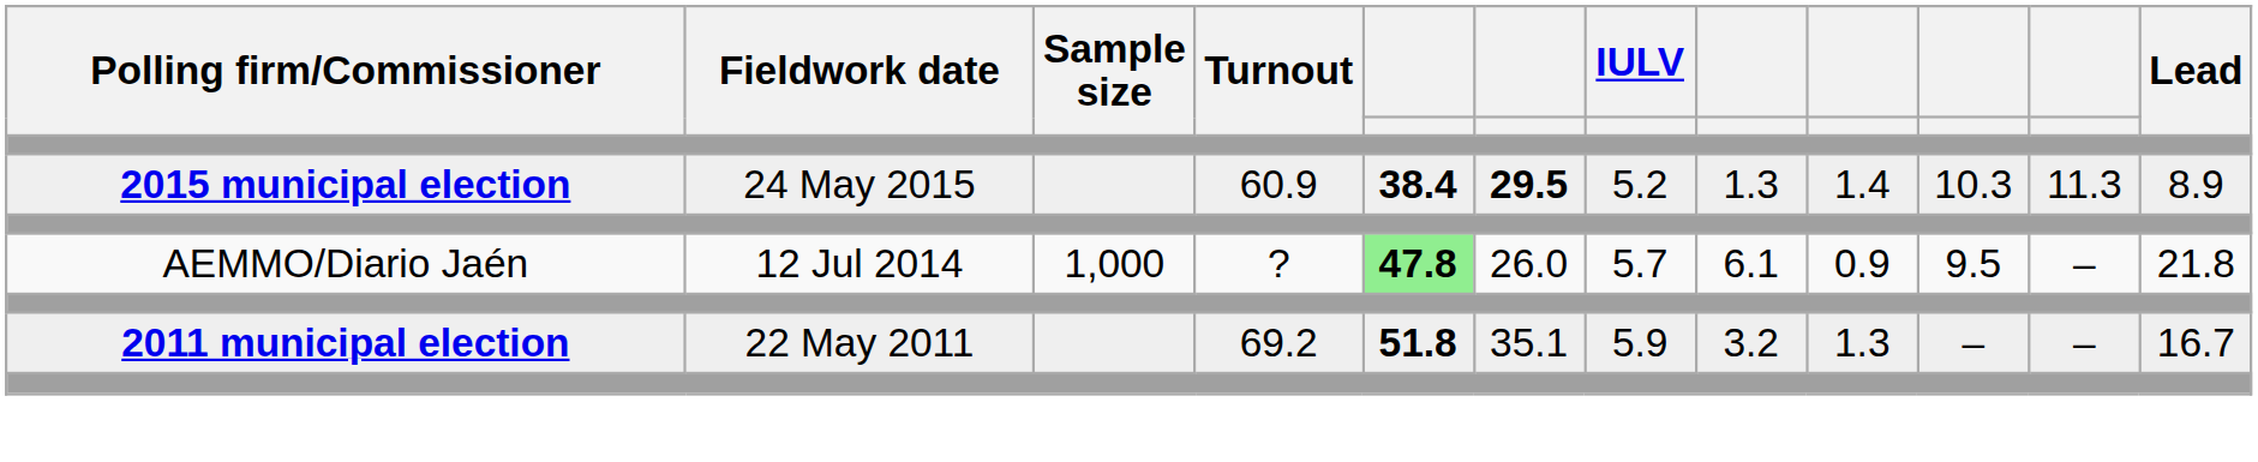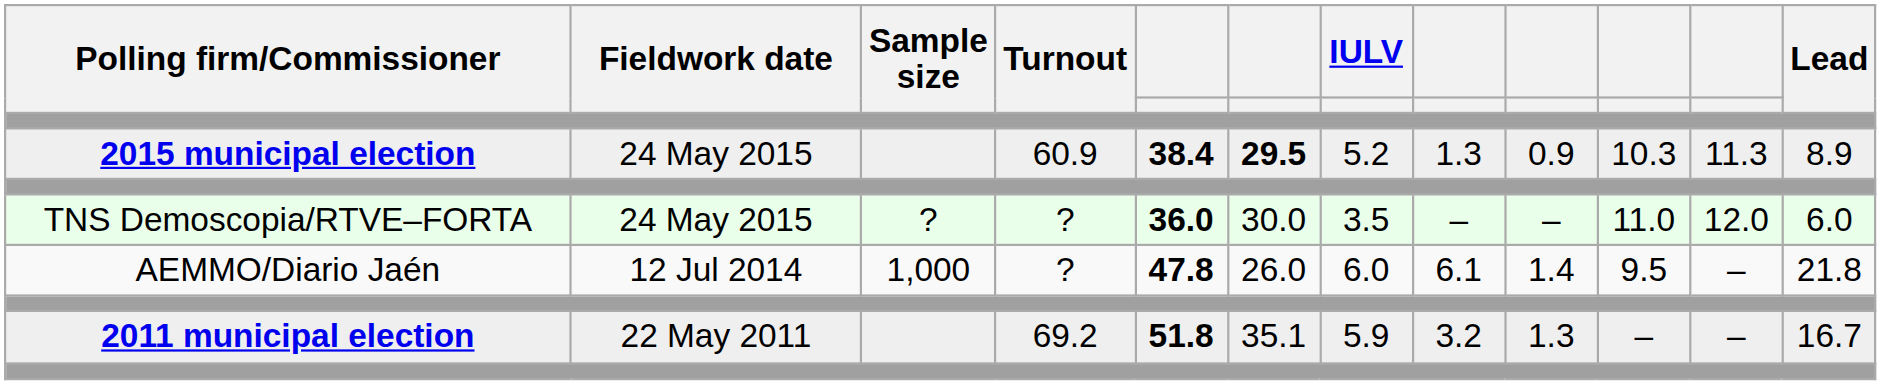 <table class="wikitable collapsible collapsed" style="text-align:center; font-size:95%; line-height:16px;">
 <tr style="height:42px;">
 <th style="width:250px;" rowspan="2">Polling firm/Commissioner</th>
 <th style="width:125px;" rowspan="2">Fieldwork date</th>
 <th style="width:50px;" rowspan="2">Sample size</th>
 <th style="width:45px;" rowspan="2">Turnout</th>
 <th style="width:35px;"></th>
 <th style="width:35px;"></th>
 <th style="width:35px;"><a href='#'>IULV</a></th>
 <th style="width:35px;"></th>
 <th style="width:35px;"></th>
 <th style="width:35px;"></th>
 <th style="width:35px;"></th>
 <th style="width:30px;" rowspan="2">Lead</th>
 </tr>
 <tr>
 <th style="color:inherit;background:"></th>
 <th style="color:inherit;background:"></th>
 <th style="color:inherit;background:"></th>
 <th style="color:inherit;background:"></th>
 <th style="color:inherit;background:"></th>
 <th style="color:inherit;background:"></th>
 <th style="color:inherit;background:"></th>
 </tr>
 <tr>
 <td colspan="12" style="background:#A0A0A0"></td>
 </tr>
 <tr style="background:#EFEFEF;">
 <td><strong><a href='#'>2015 municipal election</a></strong></td>
 <td>24 May 2015</td>
 <td></td>
 <td>60.9</td>
 <td><strong>38.4</strong><br></td>
 <td><strong>29.5<br></strong></td>
 <td>5.2<br></td>
 <td>1.3<br></td>
-<td>1.4<br></td>
+<td>0.9<br></td>
 <td>10.3<br></td>
 <td>11.3<br></td>
 <td style="background:">8.9</td>
 </tr>
 <tr>
 <td colspan="12" style="background:#A0A0A0"></td>
 </tr>
+<tr style="background:#EAFFEA;">
+<td>TNS Demoscopia/RTVE–FORTA</td>
+<td>24 May 2015</td>
+<td>?</td>
+<td>?</td>
+<td><strong>36.0</strong><br></td>
+<td>30.0<br></td>
+<td>3.5<br></td>
+<td>–</td>
+<td>–</td>
+<td>11.0<br></td>
+<td>12.0<br></td>
+<td style="background:">6.0</td>
+</tr>
 <tr>
 <td>AEMMO/Diario Jaén</td>
 <td>12 Jul 2014</td>
 <td>1,000</td>
 <td>?</td>
-<td style="background: lightgreen;"><strong>47.8</strong><br></td>
+<td><strong>47.8</strong><br></td>
 <td>26.0<br></td>
-<td>5.7<br></td>
+<td>6.0<br></td>
 <td>6.1<br></td>
-<td>0.9<br></td>
+<td>1.4<br></td>
 <td>9.5<br></td>
 <td>–</td>
 <td style="background:">21.8</td>
 </tr>
 <tr>
 <td colspan="12" style="background:#A0A0A0"></td>
 </tr>
 <tr style="background:#EFEFEF;">
 <td><strong><a href='#'>2011 municipal election</a></strong></td>
 <td>22 May 2011</td>
 <td></td>
 <td>69.2</td>
 <td><strong>51.8</strong><br></td>
 <td>35.1<br></td>
 <td>5.9<br></td>
 <td>3.2<br></td>
 <td>1.3<br></td>
 <td>–</td>
 <td>–</td>
 <td style="background:">16.7</td>
 </tr>
 <tr>
 <td colspan="12" style="background:#A0A0A0"></td>
 </tr>
 </table>
